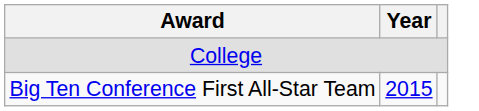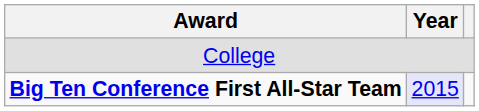 <table class="wikitable">
 <tr>
 <th>Award</th>
 <th>Year</th>
 <th></th>
 </tr>
 <tr ALIGN="center" bgcolor="#e0e0e0">
 <td colspan="3"><a href='#'>College</a></td>
 </tr>
 <tr>
-<td><a href='#'>Big Ten Conference</a> First All-Star Team</td>
-<td><a href='#'>2015</a></td>
+<td><strong><a href='#'>Big Ten Conference</a> First All-Star Team</strong></td>
+<td style="background: lavender;"><a href='#'>2015</a></td>
 <td></td>
 </tr>
 </table>
